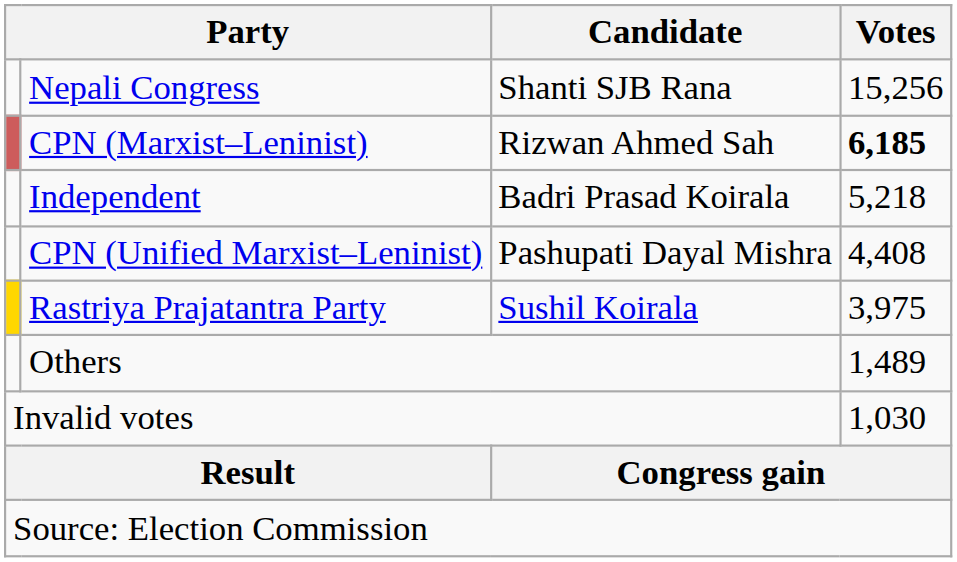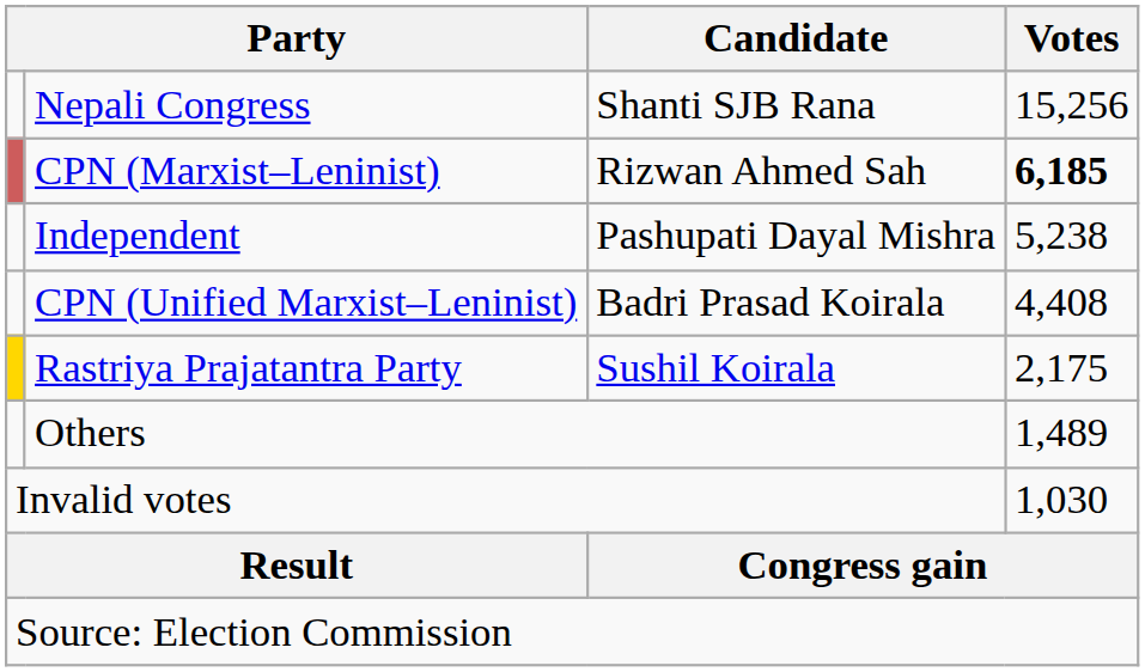 <table class="wikitable">
 <tr>
 <th colspan="2">Party</th>
 <th>Candidate</th>
 <th>Votes</th>
 </tr>
 <tr>
 <td style="background-color:"></td>
 <td><a href='#'>Nepali Congress</a></td>
 <td>Shanti SJB Rana</td>
 <td>15,256</td>
 </tr>
 <tr>
 <td style="background-color:indianred"></td>
 <td><a href='#'>CPN (Marxist–Leninist)</a></td>
 <td>Rizwan Ahmed Sah</td>
 <td><strong>6,185</strong></td>
 </tr>
 <tr>
 <td style="background-color:"></td>
 <td><a href='#'>Independent</a></td>
-<td>Badri Prasad Koirala</td>
-<td>5,218</td>
+<td>Pashupati Dayal Mishra</td>
+<td>5,238</td>
 </tr>
 <tr>
 <td style="background-color:"></td>
 <td><a href='#'>CPN (Unified Marxist–Leninist)</a></td>
-<td>Pashupati Dayal Mishra</td>
+<td>Badri Prasad Koirala</td>
 <td>4,408</td>
 </tr>
 <tr>
 <td style="background-color:gold"></td>
 <td><a href='#'>Rastriya Prajatantra Party</a></td>
 <td><a href='#'>Sushil Koirala</a></td>
-<td>3,975</td>
+<td>2,175</td>
 </tr>
 <tr>
 <td></td>
 <td colspan="2">Others</td>
 <td>1,489</td>
 </tr>
 <tr>
 <td colspan="3">Invalid votes</td>
 <td>1,030</td>
 </tr>
 <tr>
 <th colspan="2">Result</th>
 <th colspan="2">Congress gain</th>
 </tr>
 <tr>
 <td colspan="4">Source: Election Commission</td>
 </tr>
 </table>
